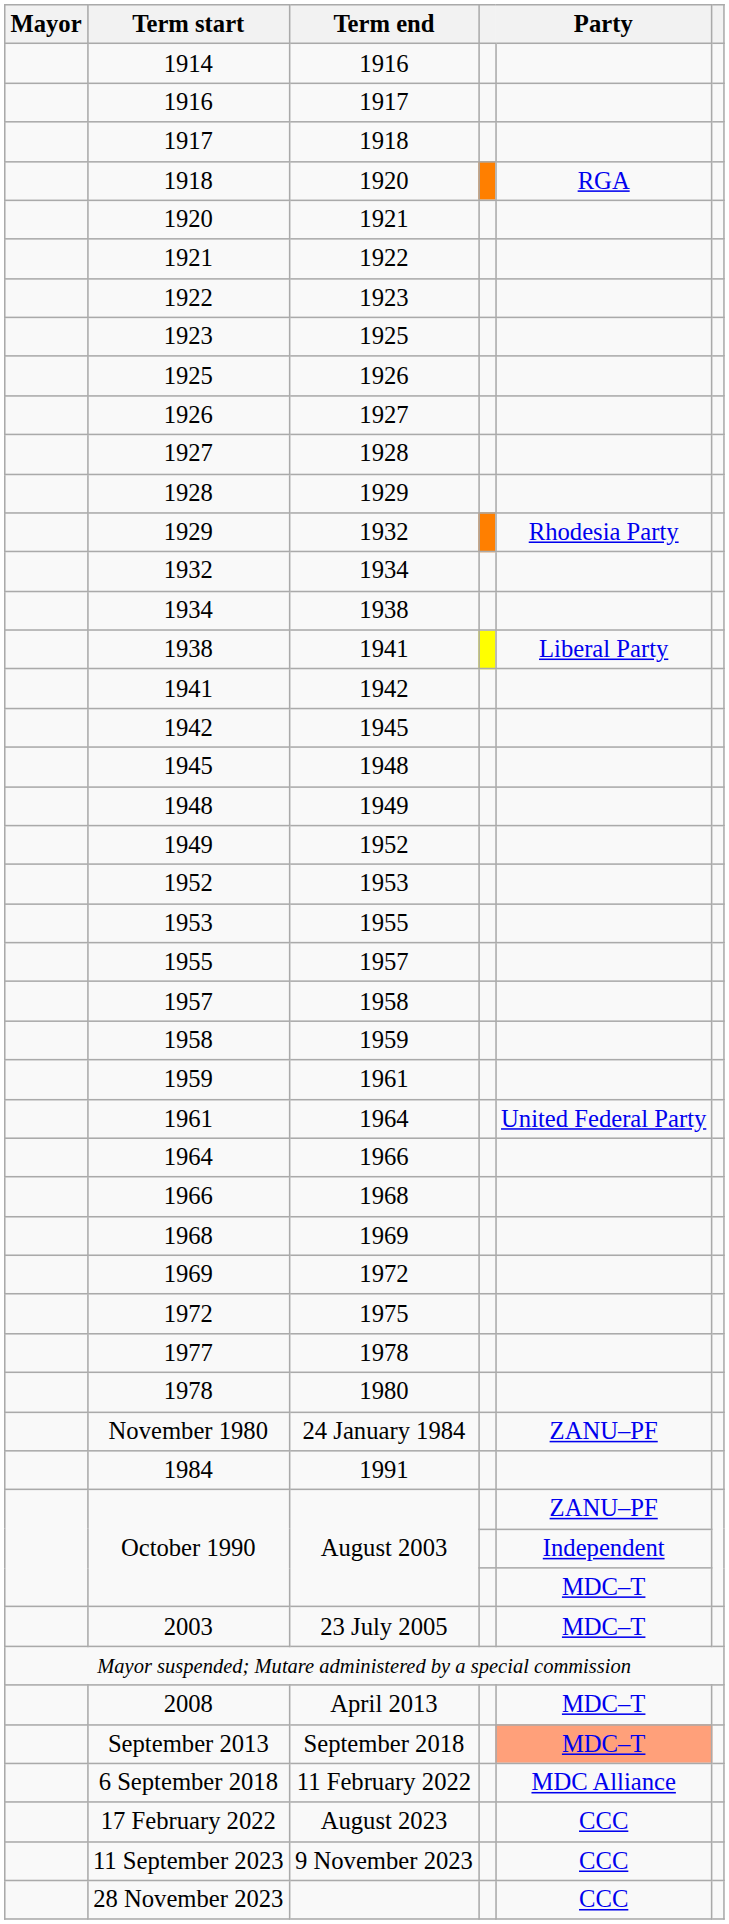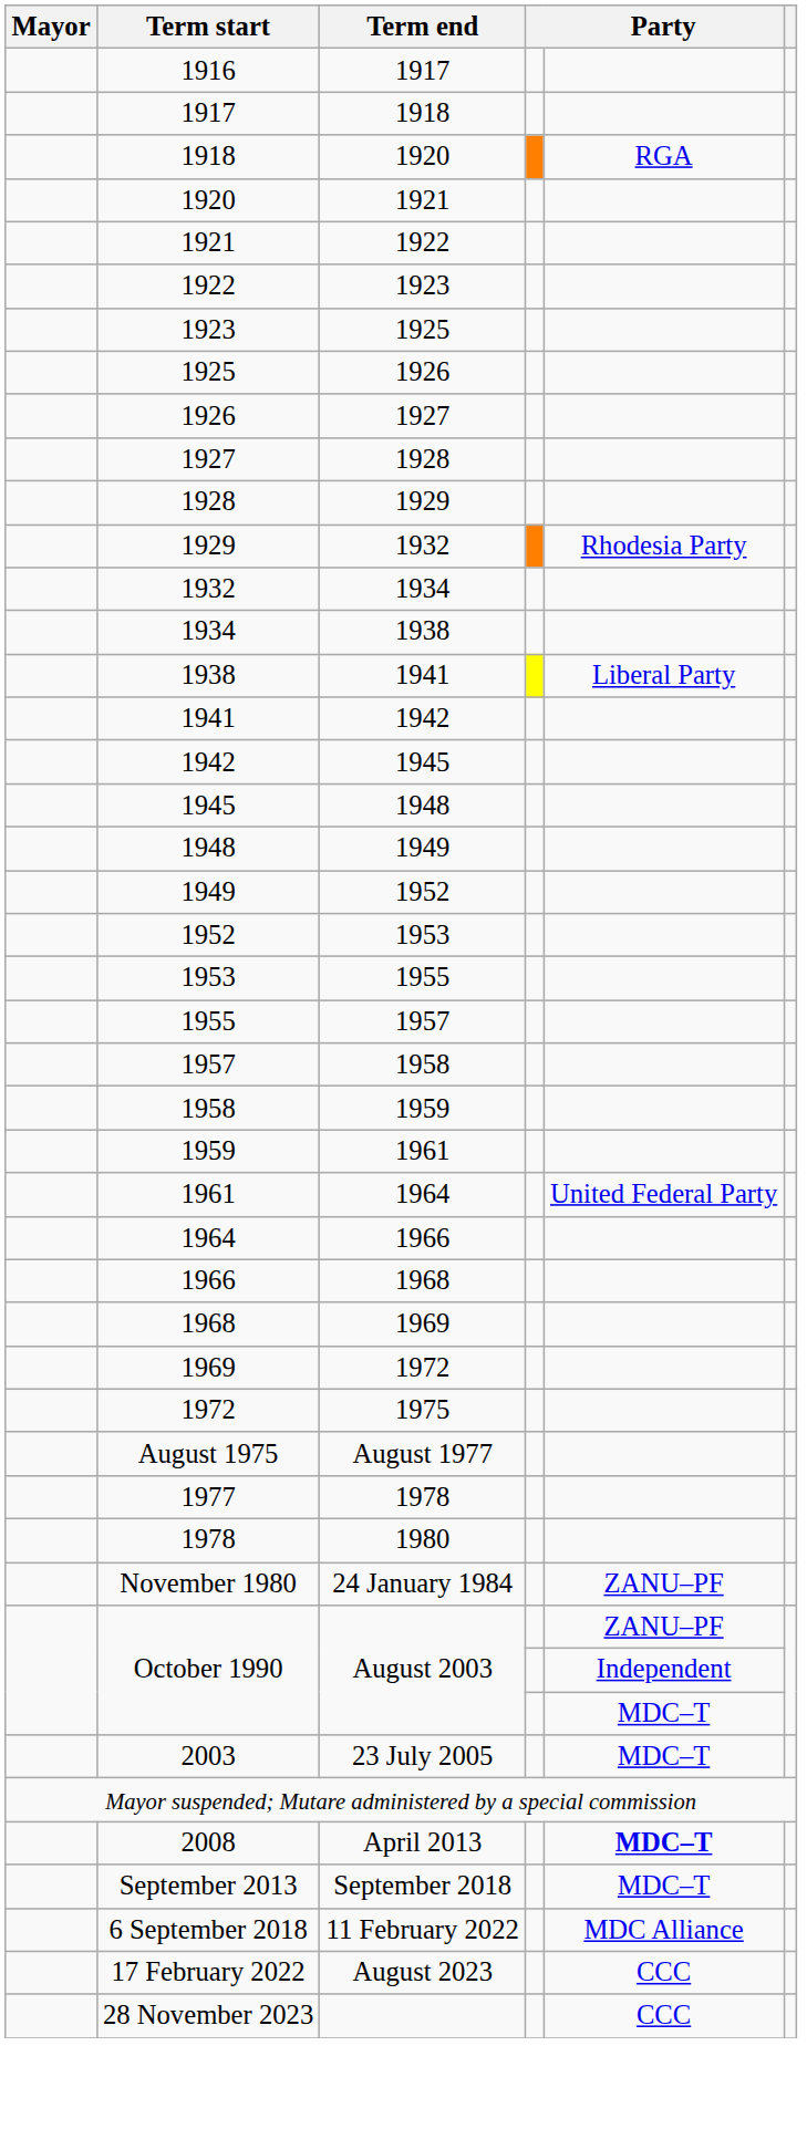 <table class="wikitable sortable" style="text-align:center">
 <tr>
 <th>Mayor</th>
 <th>Term start</th>
 <th>Term end</th>
 <th class="unsortable"> </th>
 <th style="border-left-style:hidden;padding:0.1em 0em">Party</th>
 <th></th>
-</tr>
-<tr>
-<td></td>
-<td data-sort-value="1875">1914</td>
-<td data-sort-value="1876">1916</td>
-<td bgcolor=""></td>
-<td></td>
-<td></td>
 </tr>
 <tr>
 <td></td>
 <td data-sort-value="1784">1916</td>
 <td>1917</td>
 <td bgcolor=""></td>
 <td></td>
 <td></td>
 </tr>
 <tr>
 <td></td>
 <td>1917</td>
 <td>1918</td>
 <td bgcolor=""></td>
 <td></td>
 <td></td>
 </tr>
 <tr>
 <td></td>
 <td>1918</td>
 <td>1920</td>
 <td bgcolor="#FF7F00"></td>
 <td><a href='#'>RGA</a></td>
 <td></td>
 </tr>
 <tr>
 <td></td>
 <td>1920</td>
 <td>1921</td>
 <td bgcolor=""></td>
 <td></td>
 <td></td>
 </tr>
 <tr>
 <td></td>
 <td>1921</td>
 <td>1922</td>
 <td bgcolor=""></td>
 <td></td>
 <td></td>
 </tr>
 <tr>
 <td></td>
 <td>1922</td>
 <td>1923</td>
 <td bgcolor=""></td>
 <td></td>
 <td></td>
 </tr>
 <tr>
 <td></td>
 <td>1923</td>
 <td>1925</td>
 <td bgcolor=""></td>
 <td></td>
 <td></td>
 </tr>
 <tr>
 <td></td>
 <td>1925</td>
 <td>1926</td>
 <td bgcolor=""></td>
 <td></td>
 <td></td>
 </tr>
 <tr>
 <td></td>
 <td>1926</td>
 <td>1927</td>
 <td bgcolor=""></td>
 <td></td>
 <td></td>
 </tr>
 <tr>
 <td></td>
 <td>1927</td>
 <td>1928</td>
 <td bgcolor=""></td>
 <td></td>
 <td></td>
 </tr>
 <tr>
 <td></td>
 <td>1928</td>
 <td>1929</td>
 <td bgcolor=""></td>
 <td></td>
 <td></td>
 </tr>
 <tr>
 <td></td>
 <td>1929</td>
 <td>1932</td>
 <td bgcolor="#FF7F00"></td>
 <td><a href='#'>Rhodesia Party</a></td>
 <td></td>
 </tr>
 <tr>
 <td></td>
 <td>1932</td>
 <td>1934</td>
 <td bgcolor=""></td>
 <td></td>
 <td></td>
 </tr>
 <tr>
 <td></td>
 <td>1934</td>
 <td>1938</td>
 <td bgcolor=""></td>
 <td></td>
 <td></td>
 </tr>
 <tr>
 <td></td>
 <td>1938</td>
 <td>1941</td>
 <td bgcolor="yellow"></td>
 <td><a href='#'>Liberal Party</a></td>
 <td></td>
 </tr>
 <tr>
 <td></td>
 <td>1941</td>
 <td>1942</td>
 <td bgcolor=""></td>
 <td></td>
 <td></td>
 </tr>
 <tr>
 <td></td>
 <td>1942</td>
 <td>1945</td>
 <td bgcolor=""></td>
 <td></td>
 <td></td>
 </tr>
 <tr>
 <td></td>
 <td>1945</td>
 <td>1948</td>
 <td bgcolor=""></td>
 <td></td>
 <td></td>
 </tr>
 <tr>
 <td></td>
 <td>1948</td>
 <td>1949</td>
 <td bgcolor=""></td>
 <td></td>
 <td></td>
 </tr>
 <tr>
 <td></td>
 <td>1949</td>
 <td>1952</td>
 <td bgcolor=""></td>
 <td></td>
 <td></td>
 </tr>
 <tr>
 <td></td>
 <td>1952</td>
 <td>1953</td>
 <td bgcolor=""></td>
 <td></td>
 <td></td>
 </tr>
 <tr>
 <td></td>
 <td>1953</td>
 <td>1955</td>
 <td bgcolor=""></td>
 <td></td>
 <td></td>
 </tr>
 <tr>
 <td></td>
 <td>1955</td>
 <td>1957</td>
 <td bgcolor=""></td>
 <td></td>
 <td></td>
 </tr>
 <tr>
 <td></td>
 <td>1957</td>
 <td>1958</td>
 <td bgcolor=""></td>
 <td></td>
 <td></td>
 </tr>
 <tr>
 <td></td>
 <td>1958</td>
 <td>1959</td>
 <td bgcolor=""></td>
 <td></td>
 <td></td>
 </tr>
 <tr>
 <td></td>
 <td>1959</td>
 <td>1961</td>
 <td bgcolor=""></td>
 <td></td>
 <td></td>
 </tr>
 <tr>
 <td></td>
 <td>1961</td>
 <td>1964</td>
 <td></td>
 <td><a href='#'>United Federal Party</a></td>
 <td></td>
 </tr>
 <tr>
 <td></td>
 <td>1964</td>
 <td>1966</td>
 <td bgcolor=""></td>
 <td></td>
 <td></td>
 </tr>
 <tr>
 <td></td>
 <td>1966</td>
 <td>1968</td>
 <td bgcolor=""></td>
 <td></td>
 <td></td>
 </tr>
 <tr>
 <td></td>
 <td>1968</td>
 <td>1969</td>
 <td bgcolor=""></td>
 <td></td>
 <td></td>
 </tr>
 <tr>
 <td></td>
 <td>1969</td>
 <td>1972</td>
 <td bgcolor=""></td>
 <td></td>
 <td></td>
 </tr>
 <tr>
 <td></td>
 <td>1972</td>
 <td>1975</td>
 <td bgcolor=""></td>
 <td></td>
 <td></td>
 </tr>
 <tr>
 <td></td>
+<td>August 1975</td>
+<td>August 1977</td>
+<td bgcolor=""></td>
+<td></td>
+<td></td>
+</tr>
+<tr>
+<td></td>
 <td>1977</td>
 <td>1978</td>
 <td bgcolor=""></td>
 <td></td>
 <td></td>
 </tr>
 <tr>
 <td></td>
 <td>1978</td>
 <td>1980</td>
 <td bgcolor=""></td>
 <td></td>
 <td></td>
 </tr>
 <tr>
 <td></td>
 <td>November 1980</td>
 <td data-sort-value="1984">24 January 1984</td>
 <td></td>
 <td><a href='#'>ZANU–PF</a></td>
-<td></td>
-</tr>
-<tr>
-<td></td>
-<td>1984</td>
-<td>1991</td>
-<td bgcolor=""></td>
-<td></td>
 <td></td>
 </tr>
 <tr>
 <td rowspan="3"></td>
 <td rowspan="3">October 1990</td>
 <td rowspan="3">August 2003</td>
 <td></td>
 <td><a href='#'>ZANU–PF</a> </td>
 <td rowspan="3"></td>
 </tr>
 <tr>
 <td></td>
 <td><a href='#'>Independent</a> </td>
 </tr>
 <tr>
 <td></td>
 <td><a href='#'>MDC–T</a> </td>
 </tr>
 <tr>
 <td></td>
 <td>2003</td>
 <td data-sort-value="2005">23 July 2005</td>
 <td></td>
 <td><a href='#'>MDC–T</a></td>
 <td></td>
 </tr>
 <tr>
 <td colspan="6"><small><em>Mayor suspended; Mutare administered by a special commission</em></small></td>
 </tr>
 <tr>
 <td></td>
 <td>2008</td>
 <td data-sort-value="2013">April 2013</td>
 <td></td>
-<td><a href='#'>MDC–T</a></td>
+<td><strong><a href='#'>MDC–T</a></strong></td>
 <td></td>
 </tr>
 <tr>
 <td></td>
 <td data-sort-value="2013">September 2013</td>
 <td>September 2018</td>
 <td></td>
-<td style="background: lightsalmon;"><a href='#'>MDC–T</a></td>
+<td><a href='#'>MDC–T</a></td>
 <td></td>
 </tr>
 <tr>
 <td></td>
 <td>6 September 2018</td>
 <td>11 February 2022</td>
 <td></td>
 <td><a href='#'>MDC Alliance</a></td>
 <td></td>
 </tr>
 <tr>
 <td></td>
 <td>17 February 2022</td>
 <td>August 2023</td>
 <td></td>
 <td><a href='#'>CCC</a></td>
 <td></td>
 </tr>
 <tr>
 <td></td>
-<td>11 September 2023</td>
-<td>9 November 2023</td>
-<td></td>
-<td><a href='#'>CCC</a></td>
-<td></td>
-</tr>
-<tr>
-<td></td>
 <td>28 November 2023</td>
 <td></td>
 <td></td>
 <td><a href='#'>CCC</a></td>
 <td></td>
 </tr>
 </table>
